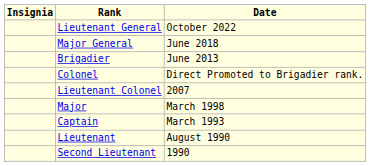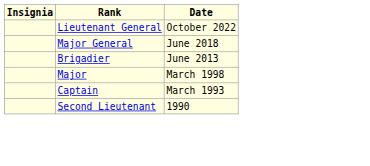 <table class="wikitable">
 <tr>
 <th style="background:#FFFFE0">Insignia</th>
 <th style="background:#FFFFE0">Rank</th>
 <th style="background:#FFFFE0">Date</th>
 </tr>
 <tr>
 <td style="background:#FFFFE0"> </td>
 <td style="background:#FFFFE0"><a href='#'>Lieutenant General</a></td>
 <td style="background:#FFFFE0">October 2022</td>
 </tr>
 <tr>
 <td style="background:#FFFFE0"> </td>
 <td style="background:#FFFFE0"><a href='#'>Major General</a></td>
 <td style="background:#FFFFE0">June 2018</td>
 </tr>
 <tr>
 <td style="background:#FFFFE0"> </td>
 <td style="background:#FFFFE0"><a href='#'>Brigadier</a></td>
 <td style="background:#FFFFE0">June 2013</td>
 </tr>
 <tr>
 <td style="background:#FFFFE0"></td>
-<td style="background:#FFFFE0"><a href='#'>Colonel</a></td>
-<td style="background:#FFFFE0">Direct Promoted to Brigadier rank.</td>
-</tr>
-<tr>
-<td style="background:#FFFFE0"></td>
-<td style="background:#FFFFE0"><a href='#'>Lieutenant Colonel</a></td>
-<td style="background:#FFFFE0">2007</td>
-</tr>
-<tr>
-<td style="background:#FFFFE0"></td>
 <td style="background:#FFFFE0"><a href='#'>Major</a></td>
 <td style="background:#FFFFE0">March 1998</td>
 </tr>
 <tr>
 <td style="background:#FFFFE0"></td>
 <td style="background:#FFFFE0"><a href='#'>Captain</a></td>
 <td style="background:#FFFFE0">March 1993</td>
 </tr>
 <tr>
 <td style="background:#FFFFE0"></td>
-<td style="background:#FFFFE0"><a href='#'>Lieutenant</a></td>
-<td style="background:#FFFFE0">August 1990</td>
-</tr>
-<tr>
-<td style="background:#FFFFE0"></td>
 <td style="background:#FFFFE0"><a href='#'>Second Lieutenant</a></td>
 <td style="background:#FFFFE0">1990</td>
 </tr>
 </table>
